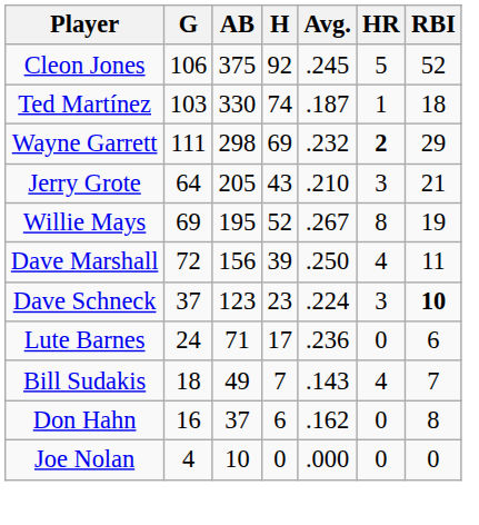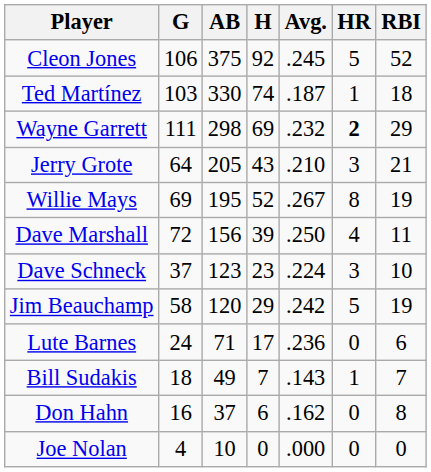 <table class="wikitable sortable">
 <tr>
 <th>Player</th>
 <th>G</th>
 <th>AB</th>
 <th>H</th>
 <th>Avg.</th>
 <th>HR</th>
 <th>RBI</th>
 </tr>
 <tr align="center">
 <td><a href='#'>Cleon Jones</a></td>
 <td>106</td>
 <td>375</td>
 <td>92</td>
 <td>.245</td>
 <td>5</td>
 <td>52</td>
 </tr>
 <tr align="center">
 <td><a href='#'>Ted Martínez</a></td>
 <td>103</td>
 <td>330</td>
 <td>74</td>
 <td>.187</td>
 <td>1</td>
 <td>18</td>
 </tr>
 <tr align="center">
 <td><a href='#'>Wayne Garrett</a></td>
 <td>111</td>
 <td>298</td>
 <td>69</td>
 <td>.232</td>
 <td><strong>2</strong></td>
 <td>29</td>
 </tr>
 <tr align="center">
 <td><a href='#'>Jerry Grote</a></td>
 <td>64</td>
 <td>205</td>
 <td>43</td>
 <td>.210</td>
 <td>3</td>
 <td>21</td>
 </tr>
 <tr align="center">
 <td><a href='#'>Willie Mays</a></td>
 <td>69</td>
 <td>195</td>
 <td>52</td>
 <td>.267</td>
 <td>8</td>
 <td>19</td>
 </tr>
 <tr align="center">
 <td><a href='#'>Dave Marshall</a></td>
 <td>72</td>
 <td>156</td>
 <td>39</td>
 <td>.250</td>
 <td>4</td>
 <td>11</td>
 </tr>
 <tr align="center">
 <td><a href='#'>Dave Schneck</a></td>
 <td>37</td>
 <td>123</td>
 <td>23</td>
 <td>.224</td>
 <td>3</td>
-<td><strong>10</strong></td>
+<td>10</td>
+</tr>
+<tr align="center">
+<td><a href='#'>Jim Beauchamp</a></td>
+<td>58</td>
+<td>120</td>
+<td>29</td>
+<td>.242</td>
+<td>5</td>
+<td>19</td>
 </tr>
 <tr align="center">
 <td><a href='#'>Lute Barnes</a></td>
 <td>24</td>
 <td>71</td>
 <td>17</td>
 <td>.236</td>
 <td>0</td>
 <td>6</td>
 </tr>
 <tr align="center">
 <td><a href='#'>Bill Sudakis</a></td>
 <td>18</td>
 <td>49</td>
 <td>7</td>
 <td>.143</td>
-<td>4</td>
+<td>1</td>
 <td>7</td>
 </tr>
 <tr align="center">
 <td><a href='#'>Don Hahn</a></td>
 <td>16</td>
 <td>37</td>
 <td>6</td>
 <td>.162</td>
 <td>0</td>
 <td>8</td>
 </tr>
 <tr align="center">
 <td><a href='#'>Joe Nolan</a></td>
 <td>4</td>
 <td>10</td>
 <td>0</td>
 <td>.000</td>
 <td>0</td>
 <td>0</td>
 </tr>
 </table>
